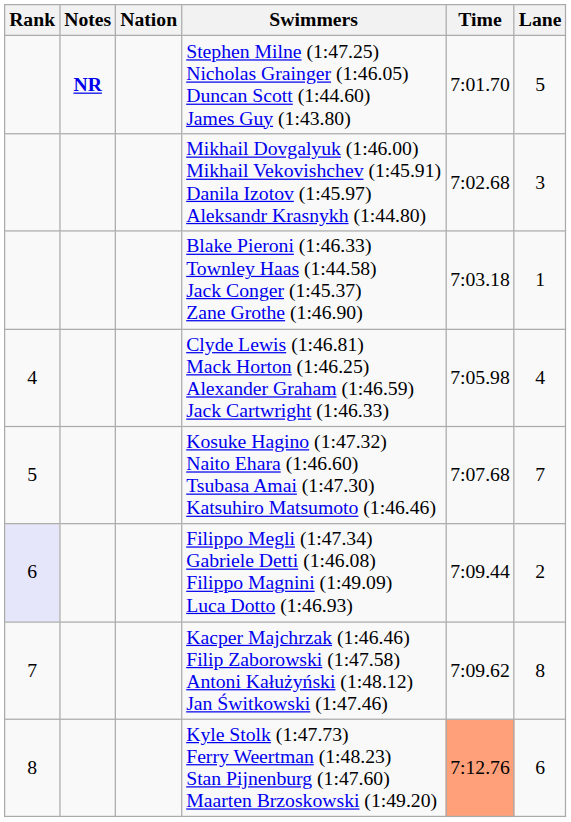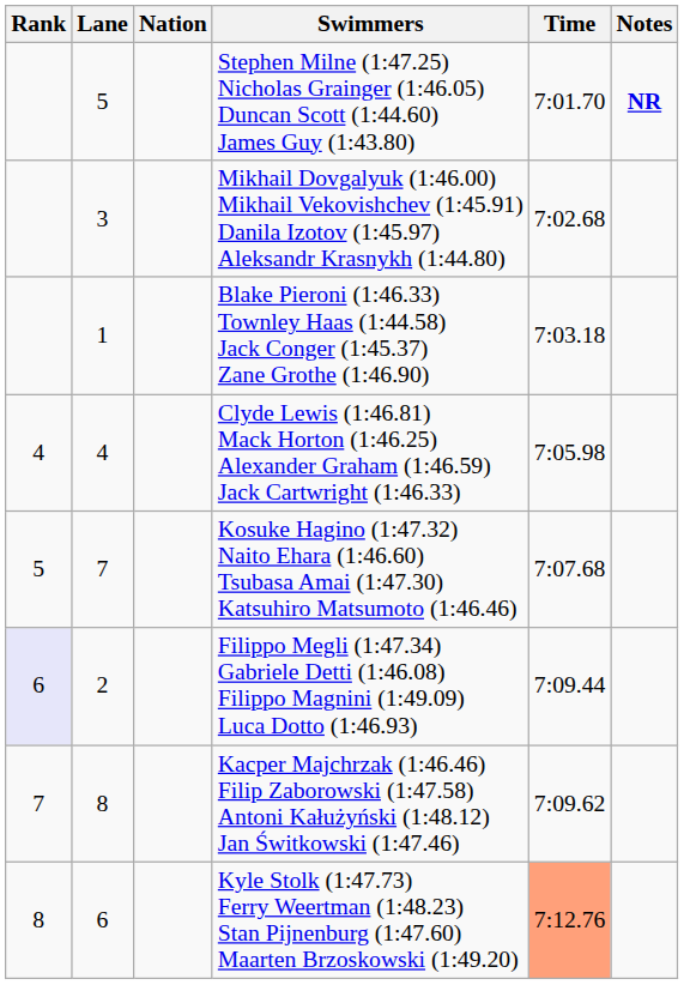 <table class="wikitable sortable" style="text-align:center">
 <tr>
 <th>Rank</th>
-<th>Notes</th>
+<th>Lane</th>
 <th>Nation</th>
 <th>Swimmers</th>
 <th>Time</th>
-<th>Lane</th>
+<th>Notes</th>
 </tr>
 <tr>
 <td></td>
-<td><strong><a href='#'>NR</a></strong></td>
+<td>5</td>
 <td align=left></td>
 <td align=left><a href='#'>Stephen Milne</a> (1:47.25)<br><a href='#'>Nicholas Grainger</a> (1:46.05)<br><a href='#'>Duncan Scott</a> (1:44.60)<br><a href='#'>James Guy</a> (1:43.80)</td>
 <td>7:01.70</td>
-<td>5</td>
+<td><strong><a href='#'>NR</a></strong></td>
 </tr>
 <tr>
 <td></td>
-<td></td>
+<td>3</td>
 <td align=left></td>
 <td align=left><a href='#'>Mikhail Dovgalyuk</a> (1:46.00)<br><a href='#'>Mikhail Vekovishchev</a> (1:45.91)<br><a href='#'>Danila Izotov</a> (1:45.97)<br><a href='#'>Aleksandr Krasnykh</a> (1:44.80)</td>
 <td>7:02.68</td>
-<td>3</td>
+<td></td>
 </tr>
 <tr>
 <td></td>
-<td></td>
+<td>1</td>
 <td align=left></td>
 <td align=left><a href='#'>Blake Pieroni</a> (1:46.33)<br><a href='#'>Townley Haas</a> (1:44.58)<br><a href='#'>Jack Conger</a> (1:45.37)<br><a href='#'>Zane Grothe</a> (1:46.90)</td>
 <td>7:03.18</td>
-<td>1</td>
+<td></td>
 </tr>
 <tr>
 <td>4</td>
-<td></td>
+<td>4</td>
 <td align=left></td>
 <td align=left><a href='#'>Clyde Lewis</a> (1:46.81)<br><a href='#'>Mack Horton</a> (1:46.25)<br><a href='#'>Alexander Graham</a> (1:46.59)<br><a href='#'>Jack Cartwright</a> (1:46.33)</td>
 <td>7:05.98</td>
-<td>4</td>
+<td></td>
 </tr>
 <tr>
 <td>5</td>
-<td></td>
+<td>7</td>
 <td align=left></td>
 <td align=left><a href='#'>Kosuke Hagino</a> (1:47.32)<br><a href='#'>Naito Ehara</a> (1:46.60)<br><a href='#'>Tsubasa Amai</a> (1:47.30)<br><a href='#'>Katsuhiro Matsumoto</a> (1:46.46)</td>
 <td>7:07.68</td>
-<td>7</td>
+<td></td>
 </tr>
 <tr>
 <td style="background: lavender;">6</td>
-<td></td>
+<td>2</td>
 <td align=left></td>
 <td align=left><a href='#'>Filippo Megli</a> (1:47.34)<br><a href='#'>Gabriele Detti</a> (1:46.08)<br><a href='#'>Filippo Magnini</a> (1:49.09)<br><a href='#'>Luca Dotto</a> (1:46.93)</td>
 <td>7:09.44</td>
-<td>2</td>
+<td></td>
 </tr>
 <tr>
 <td>7</td>
-<td></td>
+<td>8</td>
 <td align=left></td>
 <td align=left><a href='#'>Kacper Majchrzak</a> (1:46.46)<br><a href='#'>Filip Zaborowski</a> (1:47.58)<br><a href='#'>Antoni Kałużyński</a> (1:48.12)<br><a href='#'>Jan Świtkowski</a> (1:47.46)</td>
 <td>7:09.62</td>
-<td>8</td>
+<td></td>
 </tr>
 <tr>
 <td>8</td>
-<td></td>
+<td>6</td>
 <td align=left></td>
 <td align=left><a href='#'>Kyle Stolk</a> (1:47.73)<br><a href='#'>Ferry Weertman</a> (1:48.23)<br><a href='#'>Stan Pijnenburg</a> (1:47.60)<br><a href='#'>Maarten Brzoskowski</a> (1:49.20)</td>
 <td style="background: lightsalmon;">7:12.76</td>
-<td>6</td>
+<td></td>
 </tr>
 </table>
